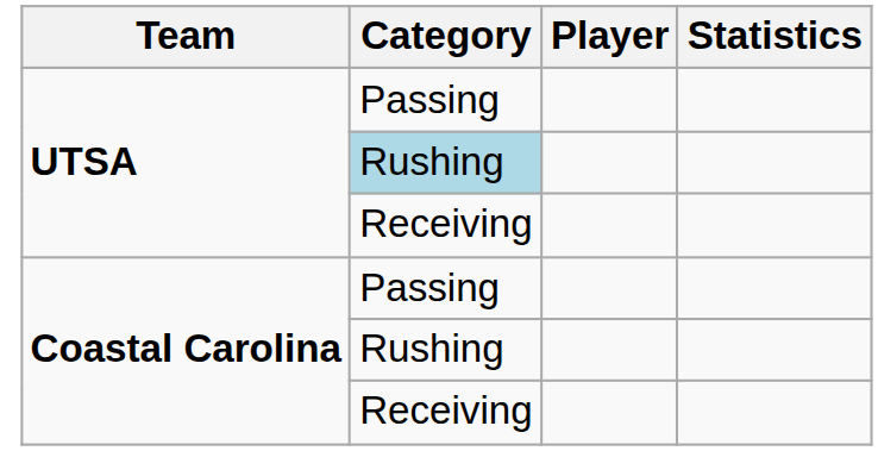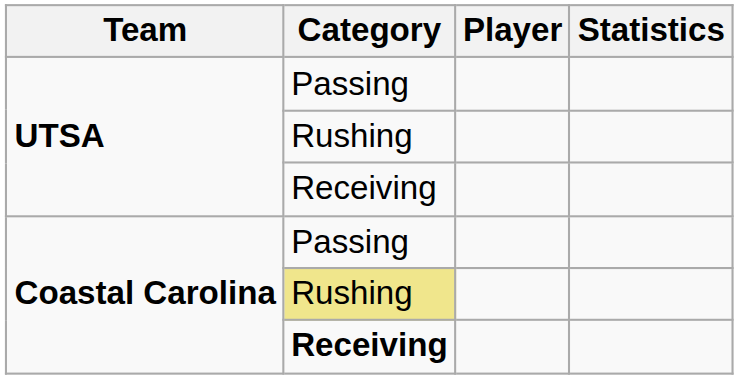 <table class="wikitable" style="float: right;">
 <tr>
 <th>Team</th>
 <th>Category</th>
 <th>Player</th>
 <th>Statistics</th>
 </tr>
 <tr>
 <td rowspan=3><strong>UTSA</strong></td>
 <td>Passing</td>
 <td></td>
 <td></td>
 </tr>
 <tr>
-<td style="background: lightblue;">Rushing</td>
+<td>Rushing</td>
 <td></td>
 <td></td>
 </tr>
 <tr>
 <td>Receiving</td>
 <td></td>
 <td></td>
 </tr>
 <tr>
 <td rowspan=3><strong>Coastal Carolina</strong></td>
 <td>Passing</td>
 <td></td>
 <td></td>
 </tr>
 <tr>
-<td>Rushing</td>
+<td style="background: khaki;">Rushing</td>
 <td></td>
 <td></td>
 </tr>
 <tr>
-<td>Receiving</td>
+<td><strong>Receiving</strong></td>
 <td></td>
 <td></td>
 </tr>
 </table>
